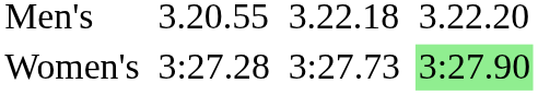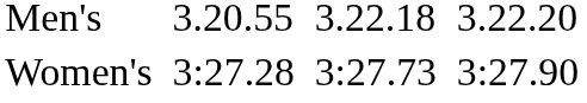 <table>
 <tr>
 <td>Men's<br></td>
 <td></td>
 <td>3.20.55</td>
 <td></td>
 <td>3.22.18</td>
 <td></td>
 <td>3.22.20</td>
 </tr>
 <tr>
 <td>Women's<br></td>
 <td></td>
 <td>3:27.28</td>
 <td></td>
 <td>3:27.73</td>
 <td></td>
-<td style="background: lightgreen;">3:27.90</td>
+<td>3:27.90</td>
 </tr>
 </table>
